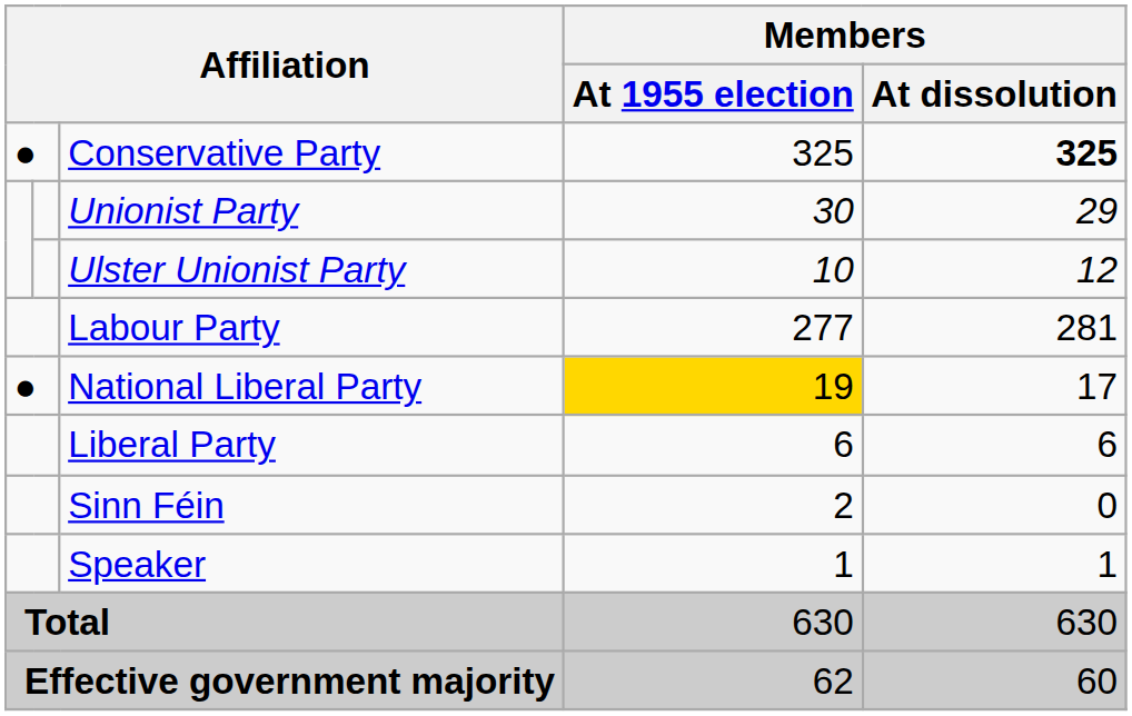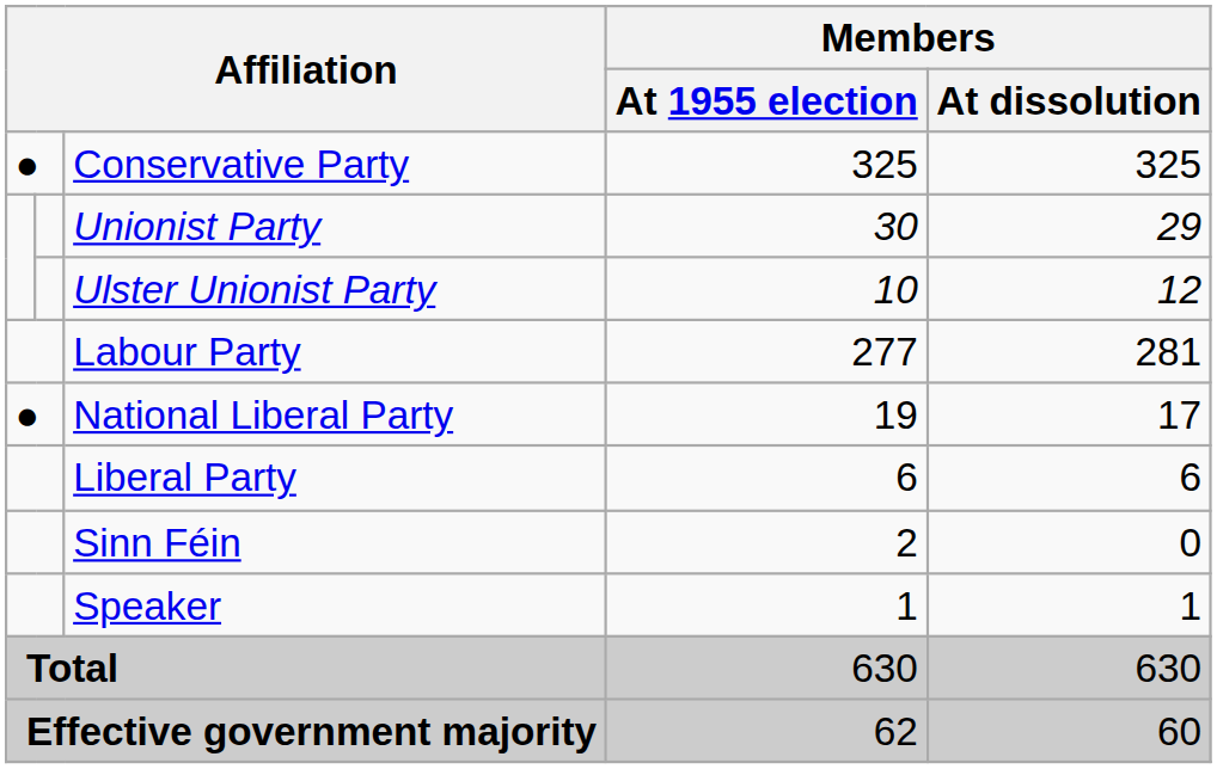 <table class="wikitable" border="1" style="font-size:95%;">
 <tr>
 <th colspan=3 rowspan=2 style="text-align:center;vertical-align:middle;">Affiliation</th>
 <th colspan=2 style="vertical-align:top;">Members</th>
 </tr>
 <tr>
 <th>At <a href='#'>1955 election</a></th>
 <th>At dissolution</th>
 </tr>
 <tr>
 <td colspan=2 style="color:inherit;background:">●</td>
 <td><a href='#'>Conservative Party</a></td>
 <td align="right">325</td>
-<td align="right"><strong>325</strong></td>
+<td align="right">325</td>
 </tr>
 <tr>
 <td rowspan=2></td>
 <td style="color:inherit;background:"></td>
 <td><em><a href='#'>Unionist Party</a></em></td>
 <td align="right"><em>30</em></td>
 <td align="right"><em>29</em></td>
 </tr>
 <tr>
 <td style="color:inherit;background:"></td>
 <td><em><a href='#'>Ulster Unionist Party</a></em></td>
 <td align="right"><em>10</em></td>
 <td align="right"><em>12</em></td>
 </tr>
 <tr>
 <td colspan=2 style="color:inherit;background:"></td>
 <td><a href='#'>Labour Party</a></td>
 <td align="right">277</td>
 <td align="right">281</td>
 </tr>
 <tr>
 <td colspan=2 style="color:inherit;background:">●</td>
 <td><a href='#'>National Liberal Party</a></td>
-<td align="right" style="background: gold;">19</td>
+<td align="right">19</td>
 <td align="right">17</td>
 </tr>
 <tr>
 <td colspan=2 style="color:inherit;background:"></td>
 <td><a href='#'>Liberal Party</a></td>
 <td align="right">6</td>
 <td align="right">6</td>
 </tr>
 <tr>
 <td colspan=2 style="color:inherit;background:"></td>
 <td><a href='#'>Sinn Féin</a></td>
 <td align="right">2</td>
 <td align="right">0</td>
 </tr>
 <tr>
 <td colspan=2 style="background-color:"></td>
 <td><a href='#'>Speaker</a></td>
 <td align="right">1</td>
 <td align="right">1</td>
 </tr>
 <tr bgcolor="CCCCCC">
 <td colspan=3 rowspan="1"> <strong>Total</strong></td>
 <td align="right">630</td>
 <td align="right">630</td>
 </tr>
 <tr bgcolor="CCCCCC">
 <td colspan=3 rowspan="1"> <strong>Effective government majority</strong></td>
 <td align="right">62</td>
 <td align="right">60</td>
 </tr>
 <tr>
 </tr>
 </table>
